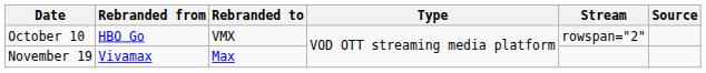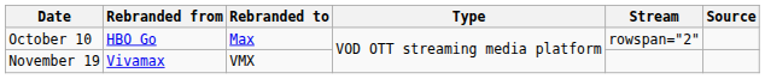 <table class="wikitable">
 <tr>
 <th>Date</th>
 <th>Rebranded from</th>
 <th>Rebranded to</th>
 <th>Type</th>
 <th>Stream</th>
 <th>Source</th>
 </tr>
 <tr>
 <td>October 10</td>
 <td><a href='#'>HBO Go</a></td>
-<td>VMX</td>
+<td><a href='#'>Max</a></td>
 <td rowspan="2">VOD OTT streaming media platform</td>
 <td>rowspan="2" </td>
 <td></td>
 </tr>
 <tr>
 <td>November 19</td>
 <td><a href='#'>Vivamax</a></td>
-<td><a href='#'>Max</a></td>
+<td>VMX</td>
 <td></td>
 </tr>
 </table>
